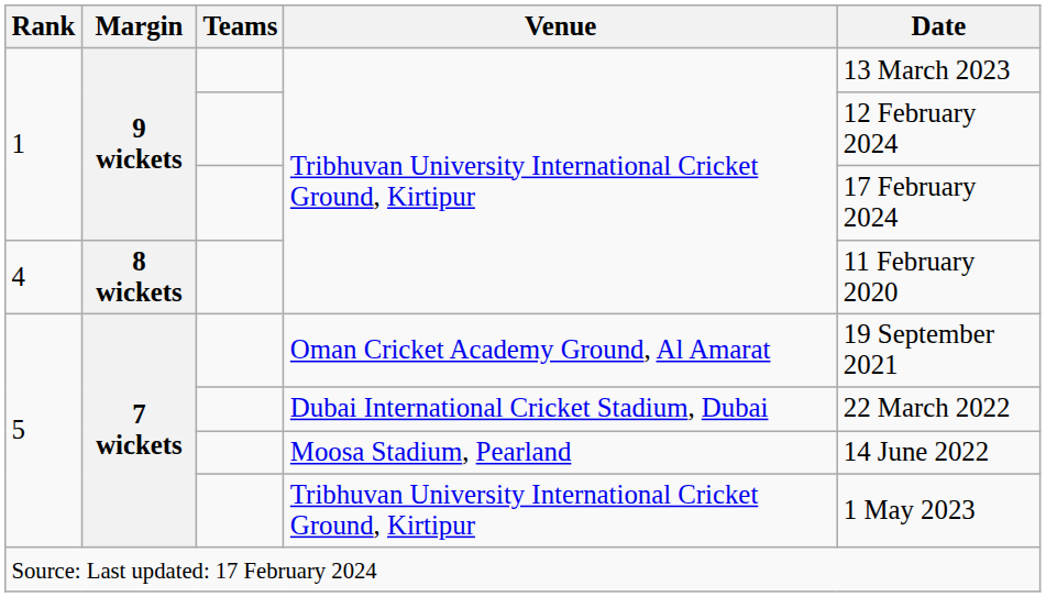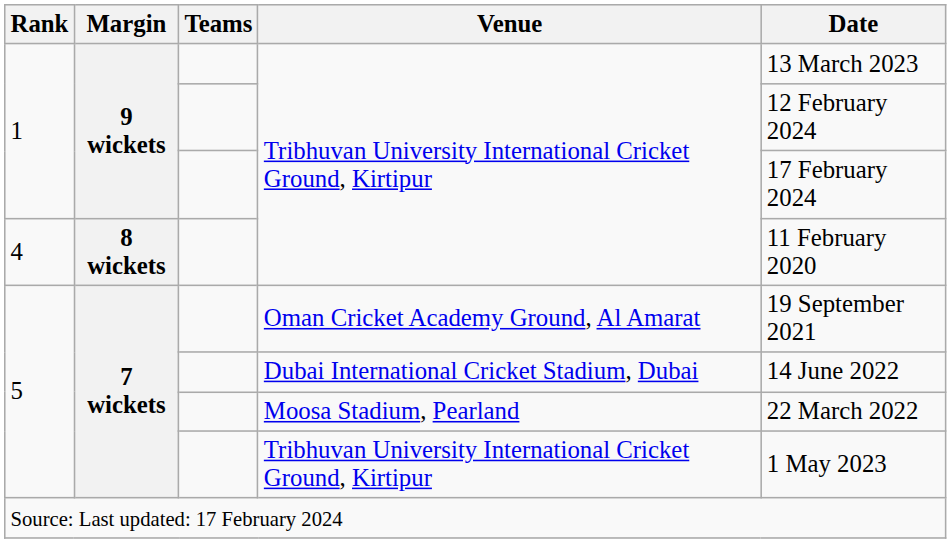 <table class="wikitable">
 <tr>
 <th>Rank</th>
 <th>Margin</th>
 <th>Teams</th>
 <th>Venue</th>
 <th>Date</th>
 </tr>
 <tr>
 <td rowspan="3">1</td>
 <th rowspan="3">9 wickets</th>
 <td></td>
 <td rowspan=4><a href='#'>Tribhuvan University International Cricket Ground</a>, <a href='#'>Kirtipur</a></td>
 <td>13 March 2023</td>
 </tr>
 <tr>
 <td></td>
 <td>12 February 2024</td>
 </tr>
 <tr>
 <td></td>
 <td>17 February 2024</td>
 </tr>
 <tr>
 <td>4</td>
 <th>8 wickets</th>
 <td></td>
 <td>11 February 2020</td>
 </tr>
 <tr>
 <td rowspan="4">5</td>
 <th rowspan="4">7 wickets</th>
 <td></td>
 <td><a href='#'>Oman Cricket Academy Ground</a>, <a href='#'>Al Amarat</a></td>
 <td>19 September 2021</td>
 </tr>
 <tr>
 <td></td>
 <td><a href='#'>Dubai International Cricket Stadium</a>, <a href='#'>Dubai</a></td>
-<td>22 March 2022</td>
+<td>14 June 2022</td>
 </tr>
 <tr>
 <td></td>
 <td><a href='#'>Moosa Stadium</a>, <a href='#'>Pearland</a></td>
-<td>14 June 2022</td>
+<td>22 March 2022</td>
 </tr>
 <tr>
 <td></td>
 <td><a href='#'>Tribhuvan University International Cricket Ground</a>, <a href='#'>Kirtipur</a></td>
 <td>1 May 2023</td>
 </tr>
 <tr>
 <td colspan="5" style="text-align:left;"><small>Source:  Last updated: 17 February 2024</small></td>
 </tr>
 </table>
